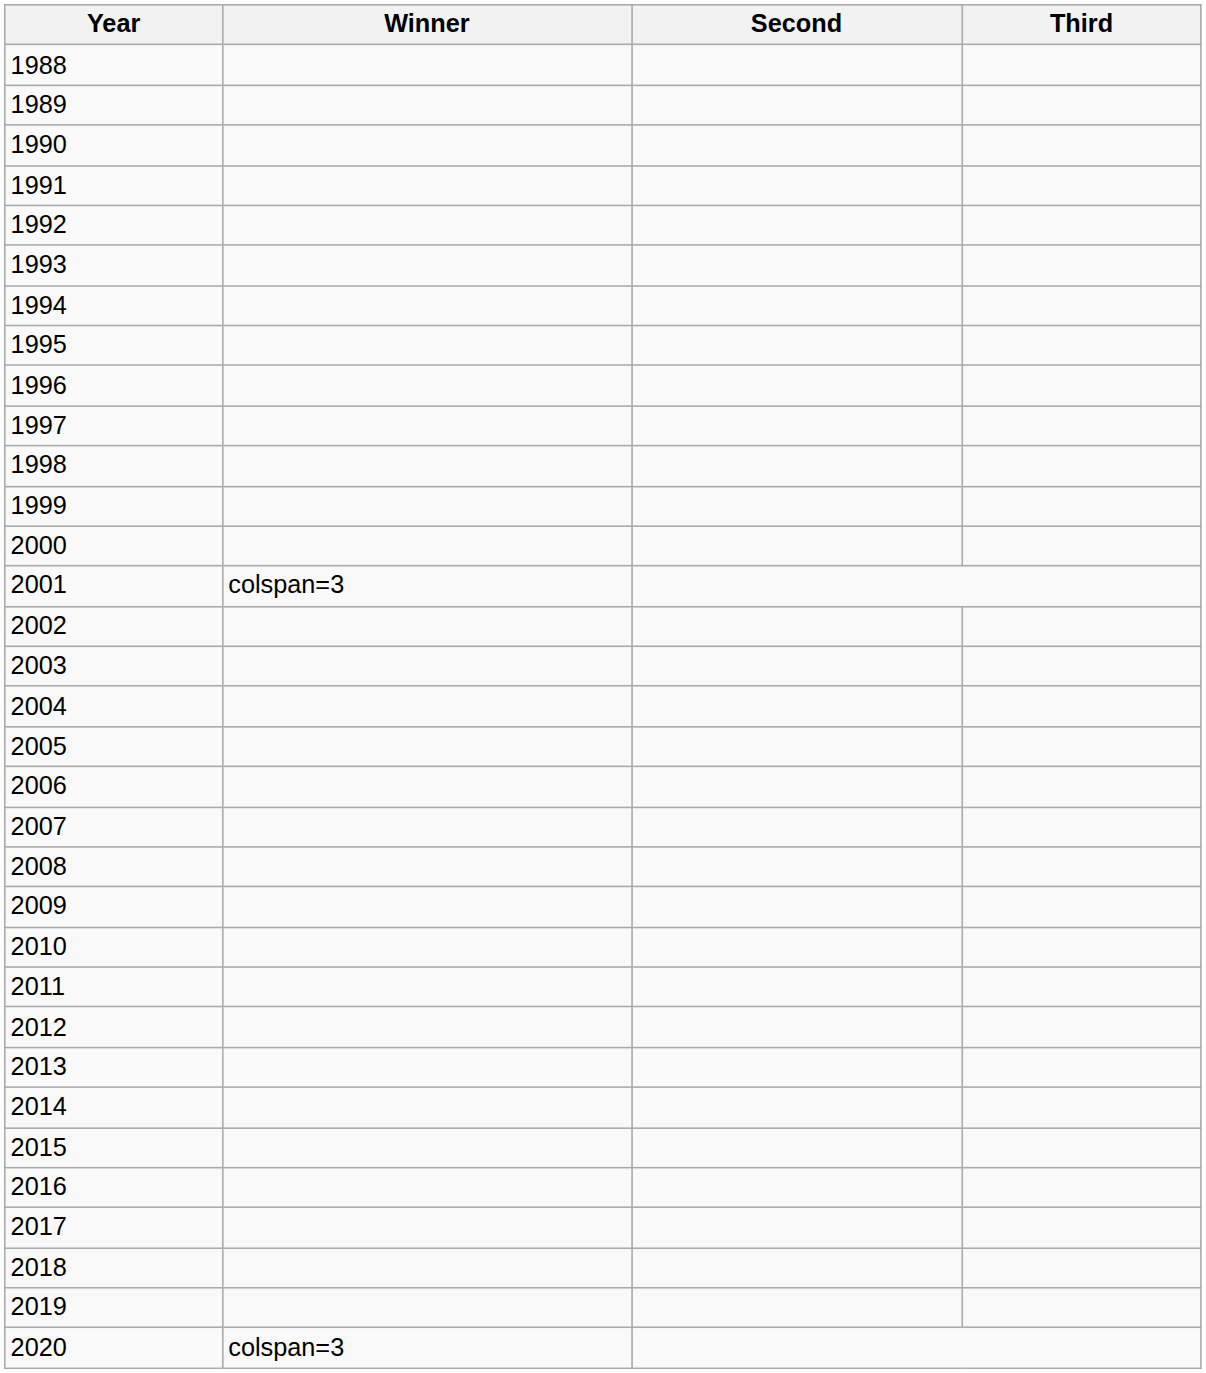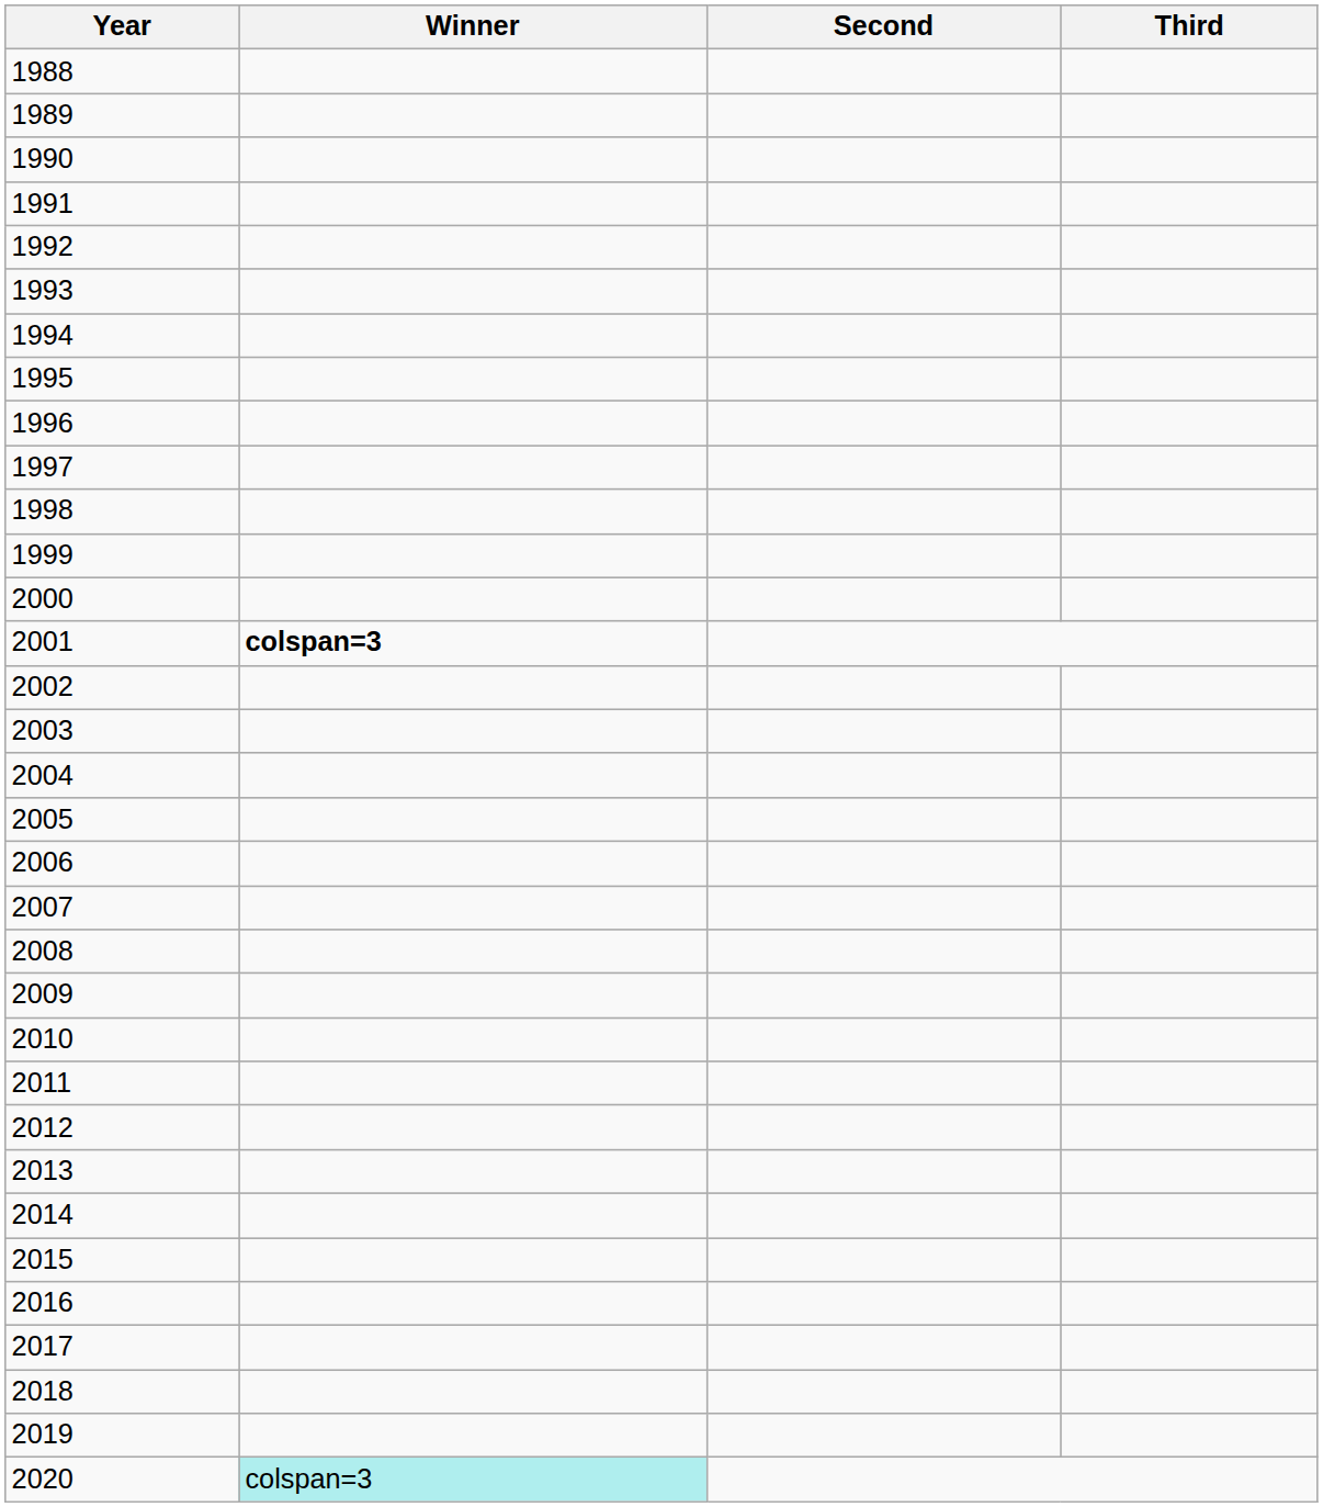 <table class="wikitable" style="font-size:100%" width=60%>
 <tr>
 <th>Year</th>
 <th>Winner</th>
 <th>Second</th>
 <th>Third</th>
 </tr>
 <tr>
 <td>1988</td>
 <td></td>
 <td></td>
 <td></td>
 </tr>
 <tr>
 <td>1989</td>
 <td></td>
 <td></td>
 <td></td>
 </tr>
 <tr>
 <td>1990</td>
 <td></td>
 <td></td>
 <td></td>
 </tr>
 <tr>
 <td>1991</td>
 <td></td>
 <td></td>
 <td></td>
 </tr>
 <tr>
 <td>1992</td>
 <td></td>
 <td></td>
 <td></td>
 </tr>
 <tr>
 <td>1993</td>
 <td></td>
 <td></td>
 <td></td>
 </tr>
 <tr>
 <td>1994</td>
 <td></td>
 <td></td>
 <td></td>
 </tr>
 <tr>
 <td>1995</td>
 <td></td>
 <td></td>
 <td></td>
 </tr>
 <tr>
 <td>1996</td>
 <td></td>
 <td></td>
 <td></td>
 </tr>
 <tr>
 <td>1997</td>
 <td></td>
 <td></td>
 <td></td>
 </tr>
 <tr>
 <td>1998</td>
 <td></td>
 <td></td>
 <td></td>
 </tr>
 <tr>
 <td>1999</td>
 <td></td>
 <td></td>
 <td></td>
 </tr>
 <tr>
 <td>2000</td>
 <td></td>
 <td></td>
 <td></td>
 </tr>
 <tr>
 <td>2001</td>
-<td>colspan=3 </td>
+<td><strong>colspan=3 </strong></td>
 </tr>
 <tr>
 <td>2002</td>
 <td></td>
 <td></td>
 <td></td>
 </tr>
 <tr>
 <td>2003</td>
 <td></td>
 <td></td>
 <td></td>
 </tr>
 <tr>
 <td>2004</td>
 <td></td>
 <td></td>
 <td></td>
 </tr>
 <tr>
 <td>2005</td>
 <td></td>
 <td></td>
 <td></td>
 </tr>
 <tr>
 <td>2006</td>
 <td></td>
 <td></td>
 <td></td>
 </tr>
 <tr>
 <td>2007</td>
 <td></td>
 <td></td>
 <td></td>
 </tr>
 <tr>
 <td>2008</td>
 <td></td>
 <td></td>
 <td></td>
 </tr>
 <tr>
 <td>2009</td>
 <td></td>
 <td></td>
 <td></td>
 </tr>
 <tr>
 <td>2010</td>
 <td></td>
 <td></td>
 <td></td>
 </tr>
 <tr>
 <td>2011</td>
 <td></td>
 <td></td>
 <td></td>
 </tr>
 <tr>
 <td>2012</td>
 <td></td>
 <td></td>
 <td></td>
 </tr>
 <tr>
 <td>2013</td>
 <td></td>
 <td></td>
 <td></td>
 </tr>
 <tr>
 <td>2014</td>
 <td></td>
 <td></td>
 <td></td>
 </tr>
 <tr>
 <td>2015</td>
 <td></td>
 <td></td>
 <td></td>
 </tr>
 <tr>
 <td>2016</td>
 <td></td>
 <td></td>
 <td></td>
 </tr>
 <tr>
 <td>2017</td>
 <td></td>
 <td></td>
 <td></td>
 </tr>
 <tr>
 <td>2018</td>
 <td></td>
 <td></td>
 <td></td>
 </tr>
 <tr>
 <td>2019</td>
 <td></td>
 <td></td>
 <td></td>
 </tr>
 <tr>
 <td>2020</td>
-<td>colspan=3 </td>
+<td style="background: paleturquoise;">colspan=3 </td>
 </tr>
 </table>
